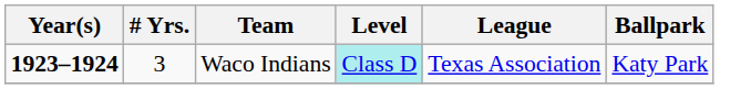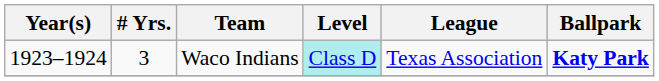 <table class="wikitable" style="text-align:center; font-size: 95%;">
 <tr>
 <th>Year(s)</th>
 <th># Yrs.</th>
 <th>Team</th>
 <th>Level</th>
 <th>League</th>
 <th>Ballpark</th>
 </tr>
 <tr>
-<td><strong>1923–1924</strong></td>
+<td>1923–1924</td>
 <td>3</td>
 <td>Waco Indians</td>
 <td style="background: paleturquoise;"><a href='#'>Class D</a></td>
 <td><a href='#'>Texas Association</a></td>
-<td><a href='#'>Katy Park</a></td>
+<td><strong><a href='#'>Katy Park</a></strong></td>
 </tr>
 <tr>
 </tr>
 </table>
